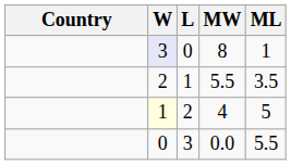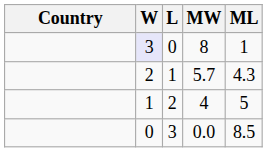 <table class="wikitable sortable" style="text-align:center">
 <tr>
 <th width=110>Country</th>
 <th>W</th>
 <th>L</th>
 <th>MW</th>
 <th>ML</th>
 </tr>
 <tr>
 <td align=left><strong></strong></td>
 <td style="background: lavender;">3</td>
 <td>0</td>
 <td>8</td>
 <td>1</td>
 </tr>
 <tr>
 <td align=left></td>
 <td>2</td>
 <td>1</td>
-<td>5.5</td>
-<td>3.5</td>
+<td>5.7</td>
+<td>4.3</td>
 </tr>
 <tr>
 <td align=left></td>
-<td style="background: lightyellow;">1</td>
+<td>1</td>
 <td>2</td>
 <td>4</td>
 <td>5</td>
 </tr>
 <tr>
 <td align=left></td>
 <td>0</td>
 <td>3</td>
 <td>0.0</td>
-<td>5.5</td>
+<td>8.5</td>
 </tr>
 </table>
